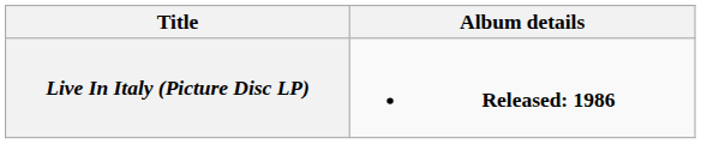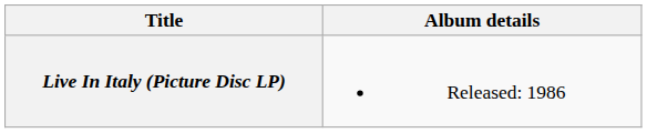 <table class="wikitable plainrowheaders" style="text-align:center;">
 <tr>
 <th scope="col" rowspan="1" style="width:16em;">Title</th>
 <th scope="col" rowspan="1" style="width:16em;">Album details</th>
 </tr>
 <tr>
 <th scope="row"><em>Live In Italy (Picture Disc LP)</em></th>
-<td><strong><br><ul><li>Released: 1986</li></ul></strong></td>
+<td><br><ul><li>Released: 1986</li></ul></td>
 </tr>
 </table>
